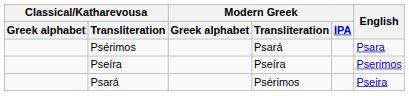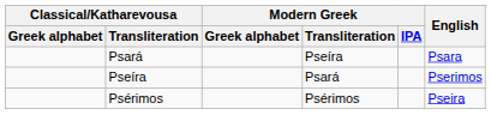 <table class="wikitable">
 <tr>
 <th colspan="2">Classical/Katharevousa</th>
 <th colspan="3">Modern Greek</th>
 <th rowspan="2">English</th>
 </tr>
 <tr>
 <th>Greek alphabet</th>
 <th>Transliteration</th>
 <th>Greek alphabet</th>
 <th>Transliteration</th>
 <th><a href='#'>IPA</a></th>
 </tr>
 <tr>
 <td></td>
-<td>Psérimos</td>
+<td>Psará</td>
 <td></td>
-<td>Psará</td>
+<td>Pseíra</td>
 <td></td>
 <td><a href='#'>Psara</a></td>
 </tr>
 <tr>
 <td></td>
 <td>Pseíra</td>
 <td></td>
-<td>Pseíra</td>
+<td>Psará</td>
 <td></td>
 <td><a href='#'>Pserimos</a></td>
 </tr>
 <tr>
 <td></td>
-<td>Psará</td>
+<td>Psérimos</td>
 <td></td>
 <td>Psérimos</td>
 <td></td>
 <td><a href='#'>Pseira</a></td>
 </tr>
 </table>
